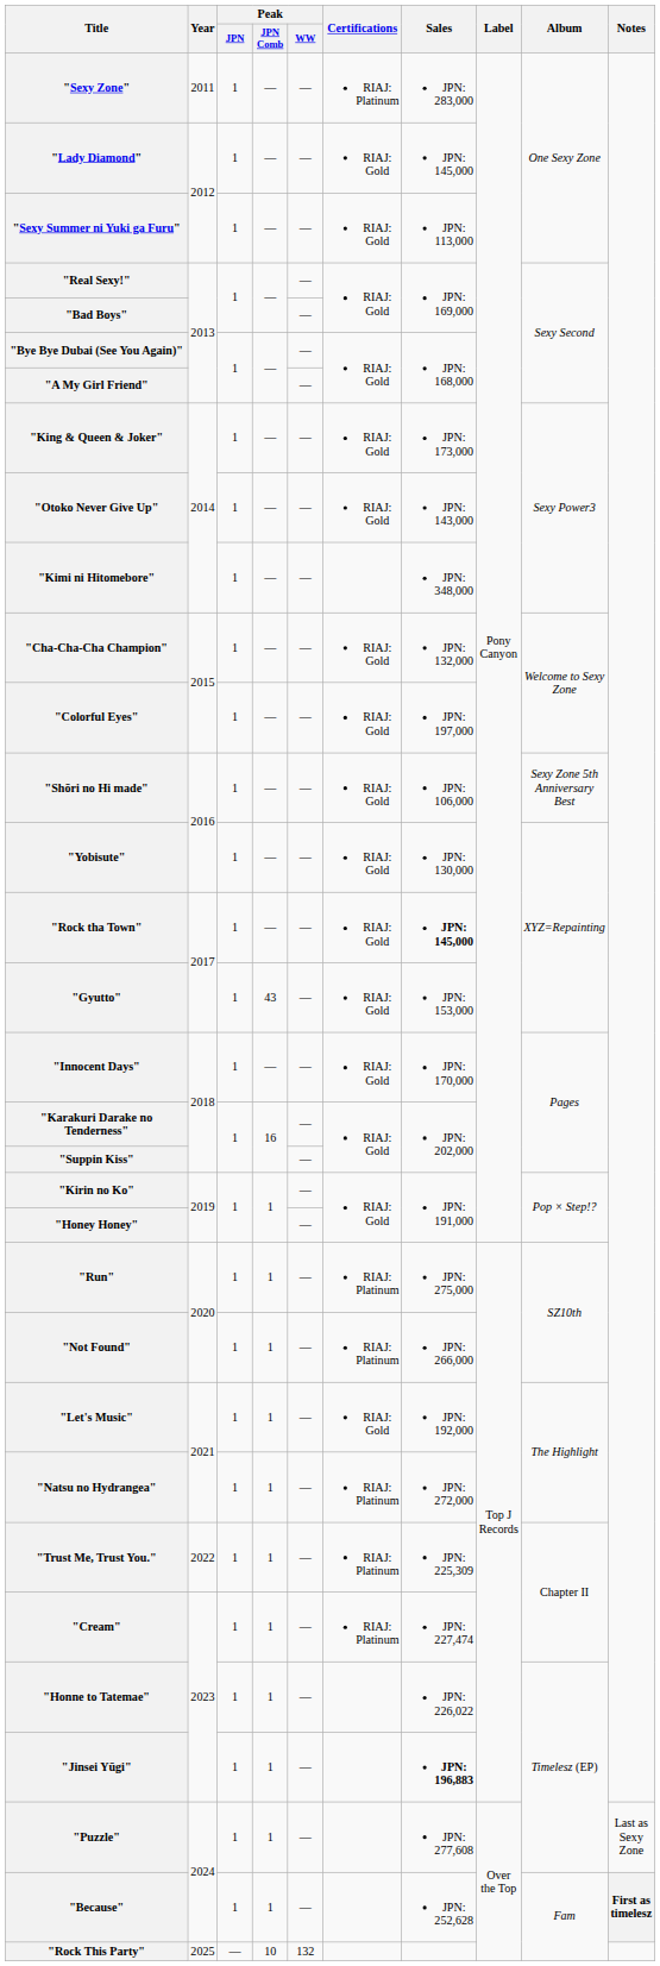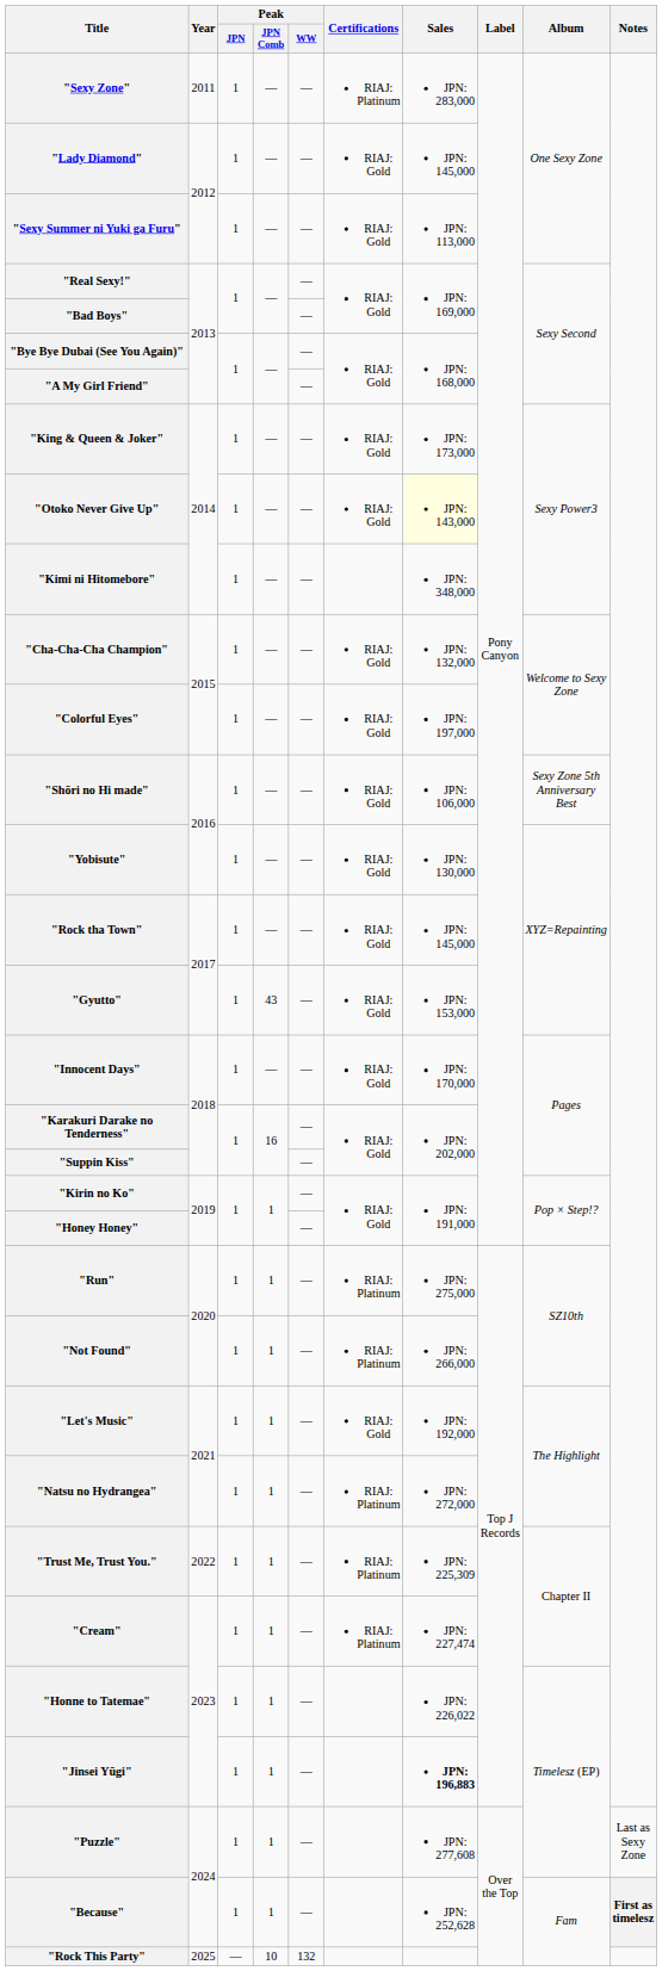 <table class="wikitable plainrowheaders" style="text-align:center;">
 <tr>
 <th scope="colw" rowspan="2" style="width:15em;">Title</th>
 <th scope="col" rowspan="2">Year</th>
 <th scope="col" colspan="3">Peak</th>
 <th scope="col" rowspan="2"><a href='#'>Certifications</a></th>
 <th scope="col" rowspan="2">Sales</th>
 <th rowspan="2">Label</th>
 <th rowspan="2" scope="col">Album</th>
 <th rowspan="2" scope="col">Notes</th>
 </tr>
 <tr>
 <th scope="col" style="width:3em;font-size:85%;"><a href='#'>JPN</a><br></th>
 <th scope="col" style="width:3em;font-size:85%;"><a href='#'>JPN<br>Comb</a><br></th>
 <th scope="col" style="width:3em;font-size:85%;"><a href='#'>WW</a><br></th>
 </tr>
 <tr>
 <th scope="row">"<a href='#'>Sexy Zone</a>"</th>
 <td>2011</td>
 <td>1</td>
 <td>—</td>
 <td>—</td>
 <td><br><ul><li>RIAJ: Platinum</li></ul></td>
 <td><br><ul><li>JPN: 283,000</li></ul></td>
 <td rowspan="21">Pony Canyon</td>
 <td rowspan="3"><em>One Sexy Zone</em></td>
 </tr>
 <tr>
 <th scope="row">"<a href='#'>Lady Diamond</a>"</th>
 <td rowspan="2">2012</td>
 <td>1</td>
 <td>—</td>
 <td>—</td>
 <td><br><ul><li>RIAJ: Gold</li></ul></td>
 <td><br><ul><li>JPN: 145,000</li></ul></td>
 </tr>
 <tr>
 <th scope="row">"<a href='#'>Sexy Summer ni Yuki ga Furu</a>"</th>
 <td>1</td>
 <td>—</td>
 <td>—</td>
 <td><br><ul><li>RIAJ: Gold</li></ul></td>
 <td><br><ul><li>JPN: 113,000</li></ul></td>
 </tr>
 <tr>
 <th scope="row">"Real Sexy!"</th>
 <td rowspan="4">2013</td>
 <td rowspan="2">1</td>
 <td rowspan="2">—</td>
 <td>—</td>
 <td rowspan="2"><br><ul><li>RIAJ: Gold</li></ul></td>
 <td rowspan="2"><br><ul><li>JPN: 169,000</li></ul></td>
 <td rowspan="4"><em>Sexy Second</em></td>
 </tr>
 <tr>
 <th scope="row">"Bad Boys"</th>
 <td>—</td>
 </tr>
 <tr>
 <th scope="row">"Bye Bye Dubai (See You Again)"</th>
 <td rowspan="2">1</td>
 <td rowspan="2">—</td>
 <td>—</td>
 <td rowspan="2"><br><ul><li>RIAJ: Gold</li></ul></td>
 <td rowspan="2"><br><ul><li>JPN: 168,000</li></ul></td>
 </tr>
 <tr>
 <th scope="row">"A My Girl Friend"</th>
 <td>—</td>
 </tr>
 <tr>
 <th scope="row">"King & Queen & Joker"</th>
 <td rowspan="3">2014</td>
 <td>1</td>
 <td>—</td>
 <td>—</td>
 <td><br><ul><li>RIAJ: Gold</li></ul></td>
 <td><br><ul><li>JPN: 173,000</li></ul></td>
 <td rowspan="3"><em>Sexy Power3</em></td>
 </tr>
 <tr>
 <th scope="row">"Otoko Never Give Up"</th>
 <td>1</td>
 <td>—</td>
 <td>—</td>
 <td><br><ul><li>RIAJ: Gold</li></ul></td>
-<td><br><ul><li>JPN: 143,000</li></ul></td>
+<td style="background: lightyellow;"><br><ul><li>JPN: 143,000</li></ul></td>
 </tr>
 <tr>
 <th scope="row">"Kimi ni Hitomebore"</th>
 <td>1</td>
 <td>—</td>
 <td>—</td>
 <td></td>
 <td><br><ul><li>JPN: 348,000</li></ul></td>
 </tr>
 <tr>
 <th scope="row">"Cha-Cha-Cha Champion"</th>
 <td rowspan="2">2015</td>
 <td>1</td>
 <td>—</td>
 <td>—</td>
 <td><br><ul><li>RIAJ: Gold</li></ul></td>
 <td><br><ul><li>JPN: 132,000</li></ul></td>
 <td rowspan="2"><em>Welcome to Sexy Zone</em></td>
 </tr>
 <tr>
 <th scope="row">"Colorful Eyes"</th>
 <td>1</td>
 <td>—</td>
 <td>—</td>
 <td><br><ul><li>RIAJ: Gold</li></ul></td>
 <td><br><ul><li>JPN: 197,000</li></ul></td>
 </tr>
 <tr>
 <th scope="row">"Shōri no Hi made"</th>
 <td rowspan="2">2016</td>
 <td>1</td>
 <td>—</td>
 <td>—</td>
 <td><br><ul><li>RIAJ: Gold</li></ul></td>
 <td><br><ul><li>JPN: 106,000</li></ul></td>
 <td><em>Sexy Zone 5th Anniversary Best</em></td>
 </tr>
 <tr>
 <th scope="row">"Yobisute"</th>
 <td>1</td>
 <td>—</td>
 <td>—</td>
 <td><br><ul><li>RIAJ: Gold</li></ul></td>
 <td><br><ul><li>JPN: 130,000</li></ul></td>
 <td rowspan="3"><em>XYZ=Repainting</em></td>
 </tr>
 <tr>
 <th scope="row">"Rock tha Town"</th>
 <td rowspan="2">2017</td>
 <td>1</td>
 <td>—</td>
 <td>—</td>
 <td><br><ul><li>RIAJ: Gold</li></ul></td>
-<td><strong><br><ul><li>JPN: 145,000</li></ul></strong></td>
+<td><br><ul><li>JPN: 145,000</li></ul></td>
 </tr>
 <tr>
 <th scope="row">"Gyutto"</th>
 <td>1</td>
 <td>43</td>
 <td>—</td>
 <td><br><ul><li>RIAJ: Gold</li></ul></td>
 <td><br><ul><li>JPN: 153,000</li></ul></td>
 </tr>
 <tr>
 <th scope="row">"Innocent Days"</th>
 <td rowspan="3">2018</td>
 <td>1</td>
 <td>—</td>
 <td>—</td>
 <td><br><ul><li>RIAJ: Gold</li></ul></td>
 <td><br><ul><li>JPN: 170,000</li></ul></td>
 <td rowspan="3"><em>Pages</em></td>
 </tr>
 <tr>
 <th scope="row">"Karakuri Darake no Tenderness"</th>
 <td rowspan="2">1</td>
 <td rowspan="2">16</td>
 <td>—</td>
 <td rowspan="2"><br><ul><li>RIAJ: Gold</li></ul></td>
 <td rowspan="2"><br><ul><li>JPN: 202,000</li></ul></td>
 </tr>
 <tr>
 <th scope="row">"Suppin Kiss"</th>
 <td>—</td>
 </tr>
 <tr>
 <th scope="row">"Kirin no Ko"</th>
 <td rowspan="2">2019</td>
 <td rowspan="2">1</td>
 <td rowspan="2">1</td>
 <td>—</td>
 <td rowspan="2"><br><ul><li>RIAJ: Gold</li></ul></td>
 <td rowspan="2"><br><ul><li>JPN: 191,000</li></ul></td>
 <td rowspan="2"><em>Pop × Step!?</em></td>
 </tr>
 <tr>
 <th scope="row">"Honey Honey"</th>
 <td>—</td>
 </tr>
 <tr>
 <th scope="row">"Run"</th>
 <td rowspan="2">2020</td>
 <td>1</td>
 <td>1</td>
 <td>—</td>
 <td><br><ul><li>RIAJ: Platinum</li></ul></td>
 <td><br><ul><li>JPN: 275,000</li></ul></td>
 <td rowspan="8">Top J Records</td>
 <td rowspan="2"><em>SZ10th</em></td>
 </tr>
 <tr>
 <th scope="row">"Not Found"</th>
 <td>1</td>
 <td>1</td>
 <td>—</td>
 <td><br><ul><li>RIAJ: Platinum</li></ul></td>
 <td><br><ul><li>JPN: 266,000</li></ul></td>
 </tr>
 <tr>
 <th scope="row">"Let's Music"</th>
 <td rowspan="2">2021</td>
 <td>1</td>
 <td>1</td>
 <td>—</td>
 <td><br><ul><li>RIAJ: Gold</li></ul></td>
 <td><br><ul><li>JPN: 192,000</li></ul></td>
 <td rowspan="2"><em>The Highlight</em></td>
 </tr>
 <tr>
 <th scope="row">"Natsu no Hydrangea"</th>
 <td>1</td>
 <td>1</td>
 <td>—</td>
 <td><br><ul><li>RIAJ: Platinum</li></ul></td>
 <td><br><ul><li>JPN: 272,000</li></ul></td>
 </tr>
 <tr>
 <th scope="row">"Trust Me, Trust You."</th>
 <td>2022</td>
 <td>1</td>
 <td>1</td>
 <td>—</td>
 <td><br><ul><li>RIAJ: Platinum</li></ul></td>
 <td><br><ul><li>JPN: 225,309</li></ul></td>
 <td rowspan="2">Chapter II</td>
 </tr>
 <tr>
 <th scope="row">"Cream"</th>
 <td rowspan="3">2023</td>
 <td>1</td>
 <td>1</td>
 <td>—</td>
 <td><br><ul><li>RIAJ: Platinum</li></ul></td>
 <td><br><ul><li>JPN: 227,474</li></ul></td>
 </tr>
 <tr>
 <th scope="row">"Honne to Tatemae"</th>
 <td>1</td>
 <td>1</td>
 <td>—</td>
 <td></td>
 <td><br><ul><li>JPN: 226,022</li></ul></td>
 <td rowspan="3"><em>Timelesz</em> (EP)</td>
 </tr>
 <tr>
 <th scope="row">"Jinsei Yūgi"</th>
 <td>1</td>
 <td>1</td>
 <td>—</td>
 <td></td>
 <td><strong><br><ul><li>JPN: 196,883</li></ul></strong></td>
 </tr>
 <tr>
 <th scope="row">"Puzzle"</th>
 <td rowspan="2">2024</td>
 <td>1</td>
 <td>1</td>
 <td>—</td>
 <td></td>
 <td><br><ul><li>JPN: 277,608</li></ul></td>
 <td rowspan="3">Over the Top</td>
 <td>Last as Sexy Zone</td>
 </tr>
 <tr>
 <th scope="row">"Because"</th>
 <td>1</td>
 <td>1</td>
 <td>—</td>
 <td></td>
 <td><br><ul><li>JPN: 252,628</li></ul></td>
 <td rowspan="2"><em>Fam</em></td>
 <th scope="row">First as timelesz</th>
 </tr>
 <tr>
 <th scope="row">"Rock This Party"</th>
 <td>2025</td>
 <td>—</td>
 <td>10</td>
 <td>132</td>
 <td></td>
 <td></td>
 <td></td>
 </tr>
 </table>
